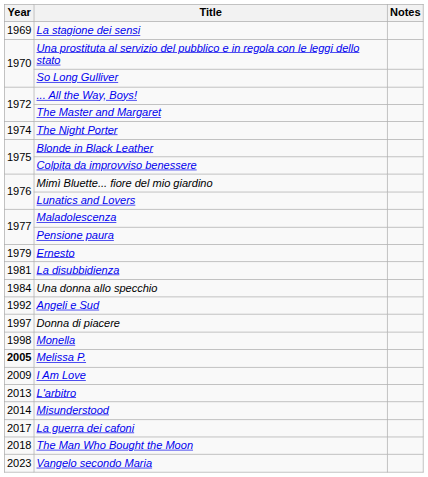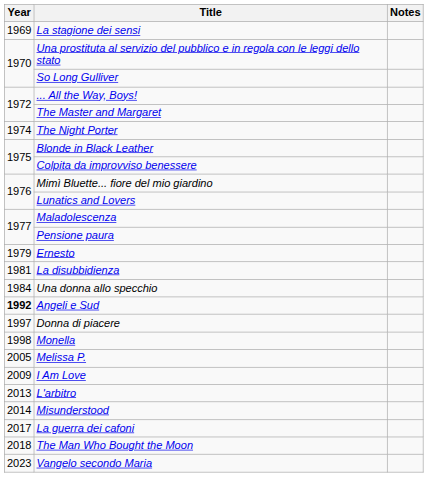 <table class="wikitable plainrowheaders sortable">
 <tr>
 <th scope="col">Year</th>
 <th scope="col">Title</th>
 <th scope="col" class="unsortable">Notes</th>
 </tr>
 <tr>
 <td>1969</td>
 <td><em><a href='#'>La stagione dei sensi</a></em></td>
 <td></td>
 </tr>
 <tr>
 <td rowspan=2>1970</td>
 <td><em><a href='#'>Una prostituta al servizio del pubblico e in regola con le leggi dello stato</a></em></td>
 <td></td>
 </tr>
 <tr>
 <td><em><a href='#'>So Long Gulliver</a></em></td>
 <td></td>
 </tr>
 <tr>
 <td rowspan=2>1972</td>
 <td><em><a href='#'>... All the Way, Boys!</a></em></td>
 <td></td>
 </tr>
 <tr>
 <td><em><a href='#'>The Master and Margaret</a></em></td>
 <td></td>
 </tr>
 <tr>
 <td>1974</td>
 <td><em><a href='#'>The Night Porter</a></em></td>
 <td></td>
 </tr>
 <tr>
 <td rowspan=2>1975</td>
 <td><em><a href='#'>Blonde in Black Leather</a></em></td>
 <td></td>
 </tr>
 <tr>
 <td><em><a href='#'>Colpita da improvviso benessere</a></em></td>
 <td></td>
 </tr>
 <tr>
 <td rowspan=2>1976</td>
 <td><em>Mimì Bluette... fiore del mio giardino</em></td>
 <td></td>
 </tr>
 <tr>
 <td><em><a href='#'>Lunatics and Lovers</a></em></td>
 <td></td>
 </tr>
 <tr>
 <td rowspan=2>1977</td>
 <td><em><a href='#'>Maladolescenza</a></em></td>
 <td></td>
 </tr>
 <tr>
 <td><em><a href='#'>Pensione paura</a></em></td>
 <td></td>
 </tr>
 <tr>
 <td>1979</td>
 <td><em><a href='#'>Ernesto</a></em></td>
 <td></td>
 </tr>
 <tr>
 <td>1981</td>
 <td><em><a href='#'>La disubbidienza</a></em></td>
 <td></td>
 </tr>
 <tr>
 <td>1984</td>
 <td><em>Una donna allo specchio</em></td>
 <td></td>
 </tr>
 <tr>
-<td>1992</td>
+<td><strong>1992</strong></td>
 <td><em><a href='#'>Angeli e Sud</a></em></td>
 <td></td>
 </tr>
 <tr>
 <td>1997</td>
 <td><em>Donna di piacere</em></td>
 <td></td>
 </tr>
 <tr>
 <td>1998</td>
 <td><em><a href='#'>Monella</a></em></td>
 <td></td>
 </tr>
 <tr>
-<td><strong>2005</strong></td>
+<td>2005</td>
 <td><em><a href='#'>Melissa P.</a></em></td>
 <td></td>
 </tr>
 <tr>
 <td>2009</td>
 <td><em><a href='#'>I Am Love</a></em></td>
 <td></td>
 </tr>
 <tr>
 <td>2013</td>
 <td><em><a href='#'>L'arbitro</a></em></td>
 <td></td>
 </tr>
 <tr>
 <td>2014</td>
 <td><em><a href='#'>Misunderstood</a></em></td>
 <td></td>
 </tr>
 <tr>
 <td>2017</td>
 <td><em><a href='#'>La guerra dei cafoni</a></em></td>
 <td></td>
 </tr>
 <tr>
 <td>2018</td>
 <td><em><a href='#'>The Man Who Bought the Moon</a></em></td>
 <td></td>
 </tr>
 <tr>
 <td>2023</td>
 <td><em><a href='#'>Vangelo secondo Maria</a></em></td>
 <td></td>
 </tr>
 </table>
